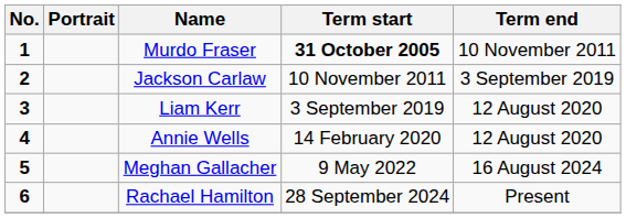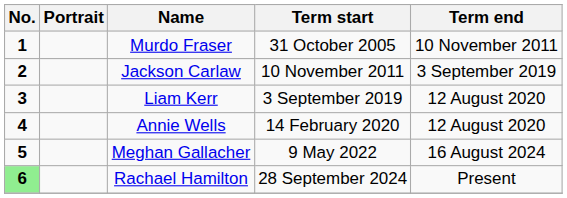 <table class="wikitable" font-size="85%" style="text-align:center">
 <tr>
 <th>No.</th>
 <th>Portrait</th>
 <th>Name</th>
 <th>Term start</th>
 <th>Term end</th>
 </tr>
 <tr>
 <td><strong>1</strong></td>
 <td></td>
 <td><a href='#'>Murdo Fraser</a></td>
-<td><strong>31 October 2005</strong></td>
+<td>31 October 2005</td>
 <td>10 November 2011</td>
 </tr>
 <tr>
 <td><strong>2</strong></td>
 <td></td>
 <td><a href='#'>Jackson Carlaw</a></td>
 <td>10 November 2011</td>
 <td>3 September 2019</td>
 </tr>
 <tr>
 <td><strong>3</strong></td>
 <td></td>
 <td><a href='#'>Liam Kerr</a></td>
 <td>3 September 2019</td>
 <td>12 August 2020</td>
 </tr>
 <tr>
 <td><strong>4</strong></td>
 <td></td>
 <td><a href='#'>Annie Wells</a></td>
 <td>14 February 2020</td>
 <td>12 August 2020</td>
 </tr>
 <tr>
 <td><strong>5</strong></td>
 <td></td>
 <td><a href='#'>Meghan Gallacher</a></td>
 <td>9 May 2022</td>
 <td>16 August 2024</td>
 </tr>
 <tr>
-<td><strong>6</strong></td>
+<td style="background: lightgreen;"><strong>6</strong></td>
 <td></td>
 <td><a href='#'>Rachael Hamilton</a></td>
 <td>28 September 2024</td>
 <td>Present</td>
 </tr>
 <tr>
 </tr>
 </table>
